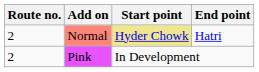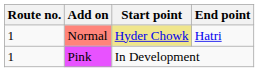 <table class="wikitable">
 <tr>
 <th>Route no.</th>
 <th>Add on</th>
 <th>Start point</th>
 <th>End point</th>
 </tr>
 <tr>
-<td>2</td>
+<td>1</td>
 <td style="background:#ff847a">Normal</td>
 <td style="background: khaki;"><a href='#'>Hyder Chowk</a></td>
 <td><a href='#'>Hatri</a></td>
 </tr>
 <tr>
-<td>2</td>
+<td>1</td>
 <td style=background:#e852ff>Pink</td>
 <td colspan="2">In Development</td>
 </tr>
 </table>
